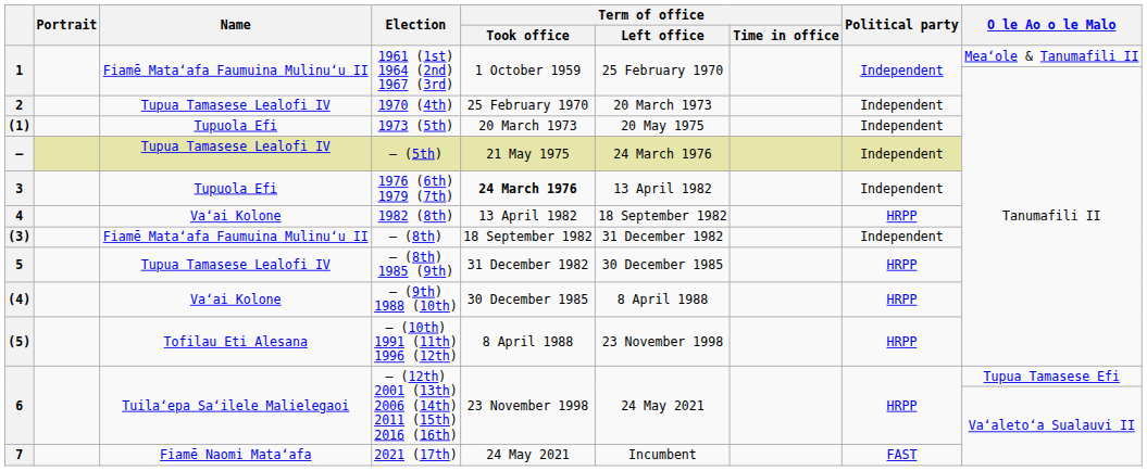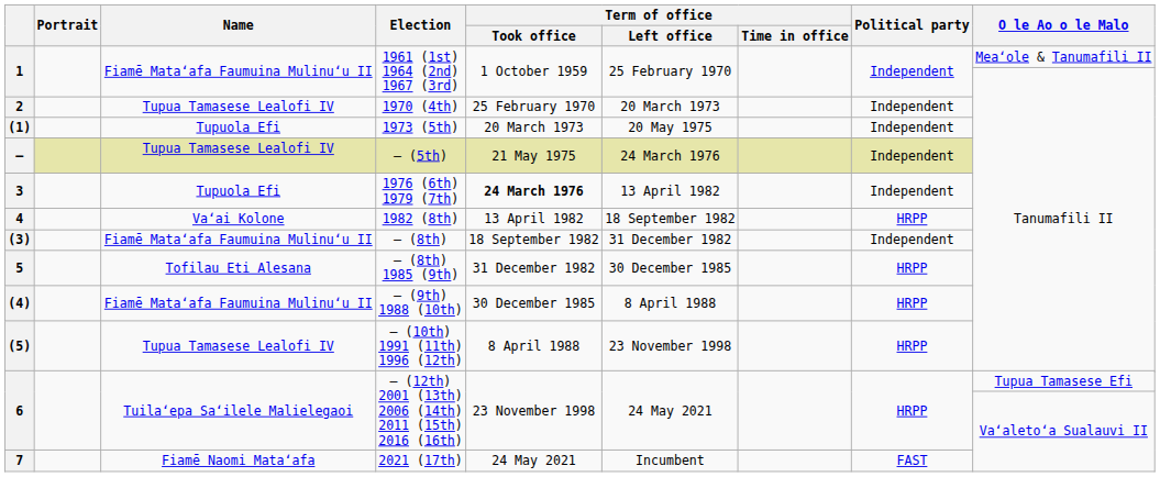 <table class="wikitable" style="font-size:100%;text-align:center">
 <tr>
 <th rowspan="2"></th>
 <th rowspan="2">Portrait</th>
 <th rowspan="2">Name<br></th>
 <th rowspan="2">Election </th>
 <th colspan="3">Term of office</th>
 <th rowspan="2">Political party</th>
 <th rowspan="2"><a href='#'>O le Ao o le Malo</a><br></th>
 </tr>
 <tr>
 <th>Took office</th>
 <th>Left office</th>
 <th>Time in office</th>
 </tr>
 <tr>
 <th rowspan="2" style="background:">1</th>
 <td rowspan="2"></td>
 <td rowspan="2"><a href='#'>Fiamē Mataʻafa Faumuina Mulinuʻu II</a><br></td>
 <td rowspan="2"><a href='#'>1961</a> (<a href='#'>1st</a>)<br><a href='#'>1964</a> (<a href='#'>2nd</a>)<br><a href='#'>1967</a> (<a href='#'>3rd</a>)</td>
 <td rowspan="2">1 October 1959</td>
 <td rowspan="2">25 February 1970</td>
 <td rowspan="2"></td>
 <td rowspan="2"><a href='#'>Independent</a></td>
 <td><a href='#'>Meaʻole</a> & <a href='#'>Tanumafili II</a></td>
 </tr>
 <tr>
 <td rowspan="11">Tanumafili II</td>
 </tr>
 <tr>
 <th style="background:">2</th>
 <td></td>
 <td><a href='#'>Tupua Tamasese Lealofi IV</a><br></td>
 <td><a href='#'>1970</a> (<a href='#'>4th</a>)</td>
 <td>25 February 1970</td>
 <td>20 March 1973</td>
 <td></td>
 <td>Independent</td>
 </tr>
 <tr>
 <th style="background:">(1)</th>
 <td></td>
 <td><a href='#'>Tupuola Efi</a><br></td>
 <td><a href='#'>1973</a> (<a href='#'>5th</a>)</td>
 <td>20 March 1973</td>
 <td>20 May 1975</td>
 <td></td>
 <td>Independent</td>
 </tr>
 <tr style="background:#e6e6aa;">
 <th style="background:">—</th>
 <td></td>
 <td><a href='#'>Tupua Tamasese Lealofi IV</a><br><br></td>
 <td>— (<a href='#'>5th</a>)</td>
 <td>21 May 1975</td>
 <td>24 March 1976</td>
 <td></td>
 <td>Independent</td>
 </tr>
 <tr>
 <th style="background:">3</th>
 <td></td>
 <td><a href='#'>Tupuola Efi</a><br></td>
 <td><a href='#'>1976</a> (<a href='#'>6th</a>)<br><a href='#'>1979</a> (<a href='#'>7th</a>)</td>
 <td><strong>24 March 1976</strong></td>
 <td>13 April 1982</td>
 <td></td>
 <td>Independent</td>
 </tr>
 <tr>
 <th style="background:">4</th>
 <td></td>
 <td><a href='#'>Vaʻai Kolone</a><br></td>
 <td><a href='#'>1982</a> (<a href='#'>8th</a>)</td>
 <td>13 April 1982</td>
 <td>18 September 1982</td>
 <td></td>
 <td><a href='#'>HRPP</a></td>
 </tr>
 <tr>
 <th style="background:">(3)</th>
 <td></td>
 <td><a href='#'>Fiamē Mataʻafa Faumuina Mulinuʻu II</a><br></td>
 <td>— (<a href='#'>8th</a>)</td>
 <td>18 September 1982</td>
 <td>31 December 1982</td>
 <td></td>
 <td>Independent</td>
 </tr>
 <tr>
 <th style="background:">5</th>
 <td></td>
-<td><a href='#'>Tupua Tamasese Lealofi IV</a><br></td>
+<td><a href='#'>Tofilau Eti Alesana</a><br></td>
 <td>— (<a href='#'>8th</a>) <br><a href='#'>1985</a> (<a href='#'>9th</a>)</td>
 <td>31 December 1982</td>
 <td>30 December 1985</td>
 <td></td>
 <td><a href='#'>HRPP</a></td>
 </tr>
 <tr>
 <th style="background:">(4)</th>
 <td></td>
-<td><a href='#'>Vaʻai Kolone</a><br></td>
+<td><a href='#'>Fiamē Mataʻafa Faumuina Mulinuʻu II</a><br></td>
 <td>— (<a href='#'>9th</a>)<br><a href='#'>1988</a> (<a href='#'>10th</a>)</td>
 <td>30 December 1985</td>
 <td>8 April 1988</td>
 <td></td>
 <td><a href='#'>HRPP</a></td>
 </tr>
 <tr>
 <th style="background:">(5)</th>
 <td></td>
-<td><a href='#'>Tofilau Eti Alesana</a><br></td>
+<td><a href='#'>Tupua Tamasese Lealofi IV</a><br></td>
 <td>— (<a href='#'>10th</a>)<br><a href='#'>1991</a> (<a href='#'>11th</a>)<br><a href='#'>1996</a> (<a href='#'>12th</a>)</td>
 <td>8 April 1988</td>
 <td>23 November 1998</td>
 <td></td>
 <td><a href='#'>HRPP</a></td>
 </tr>
 <tr>
 <th rowspan="3" style="background:">6</th>
 <td rowspan="3"></td>
 <td rowspan="3"><a href='#'>Tuilaʻepa Saʻilele Malielegaoi</a><br></td>
 <td rowspan="3">— (<a href='#'>12th</a>)<br><a href='#'>2001</a> (<a href='#'>13th</a>)<br><a href='#'>2006</a> (<a href='#'>14th</a>)<br><a href='#'>2011</a> (<a href='#'>15th</a>)<br><a href='#'>2016</a> (<a href='#'>16th</a>)</td>
 <td rowspan="3">23 November 1998</td>
 <td rowspan="3">24 May 2021</td>
 <td rowspan="3"></td>
 <td rowspan="3"><a href='#'>HRPP</a></td>
 </tr>
 <tr>
 <td><a href='#'>Tupua Tamasese Efi</a></td>
 </tr>
 <tr>
 <td rowspan="2"><a href='#'>Vaʻaletoʻa Sualauvi II</a></td>
 </tr>
 <tr>
 <th style="background:">7</th>
 <td></td>
 <td><a href='#'>Fiamē Naomi Mataʻafa</a><br></td>
 <td><a href='#'>2021</a> (<a href='#'>17th</a>)</td>
 <td>24 May 2021</td>
 <td>Incumbent</td>
 <td></td>
 <td><a href='#'>FAST</a></td>
 </tr>
 </table>
